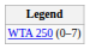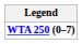 <table class=wikitable style=font-size:90%>
 <tr>
 <th>Legend</th>
 </tr>
 <tr>
-<td><a href='#'>WTA 250</a> (0–7)</td>
+<td><strong><a href='#'>WTA 250</a> (0–7)</strong></td>
 </tr>
 </table>
